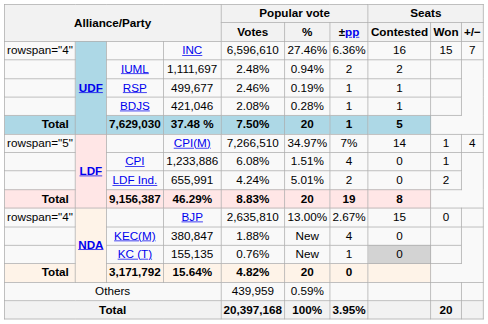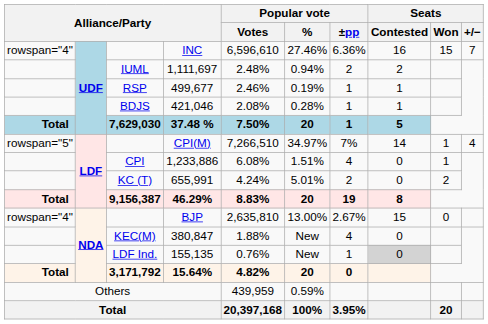 <table class="wikitable sortable" style="text-align:center;">
 <tr>
 <th colspan="4" rowspan="2">Alliance/Party</th>
 <th colspan="3">Popular vote</th>
 <th colspan="3">Seats</th>
 </tr>
 <tr>
 <th>Votes</th>
 <th>%</th>
 <th>±<a href='#'>pp</a></th>
 <th>Contested</th>
 <th>Won</th>
 <th><strong>+/−</strong></th>
 </tr>
 <tr>
 <td>rowspan="4" </td>
 <th rowspan="5"style="background:#ADD8E6"><a href='#'>UDF</a></th>
 <td></td>
 <td><a href='#'>INC</a></td>
 <td>6,596,610</td>
 <td>27.46%</td>
 <td> 6.36%</td>
 <td>16</td>
 <td>15</td>
 <td> 7</td>
 </tr>
 <tr>
 <td></td>
 <td><a href='#'>IUML</a></td>
 <td>1,111,697</td>
 <td>2.48%</td>
 <td> 0.94%</td>
 <td>2</td>
 <td>2</td>
 <td></td>
 </tr>
 <tr>
 <td></td>
 <td><a href='#'>RSP</a></td>
 <td>499,677</td>
 <td>2.46%</td>
 <td> 0.19%</td>
 <td>1</td>
 <td>1</td>
 <td></td>
 </tr>
 <tr>
 <td></td>
 <td><a href='#'>BDJS</a></td>
 <td>421,046</td>
 <td>2.08%</td>
 <td> 0.28%</td>
 <td>1</td>
 <td>1</td>
 <td></td>
 </tr>
 <tr>
 <th colspan="2"style="background:#ADD8E6">Total</th>
 <th style="background:#ADD8E6">7,629,030</th>
 <th style="background:#ADD8E6">37.48 %</th>
 <th style="background:#ADD8E6"> 7.50%</th>
 <th style="background:#ADD8E6">20</th>
 <th style="background:#ADD8E6">1</th>
 <th style="background:#ADD8E6"> 5</th>
 </tr>
 <tr>
 <td>rowspan="5" </td>
 <th rowspan="4"style="background:#FFE6E6"><a href='#'>LDF</a></th>
 <td></td>
 <td><a href='#'>CPI(M)</a></td>
 <td>7,266,510</td>
 <td>34.97%</td>
 <td> 7%</td>
 <td>14</td>
 <td>1</td>
 <td> 4</td>
 </tr>
 <tr>
 <td></td>
 <td><a href='#'>CPI</a></td>
 <td>1,233,886</td>
 <td>6.08%</td>
 <td> 1.51%</td>
 <td>4</td>
 <td>0</td>
 <td> 1</td>
 </tr>
 <tr>
 <td></td>
-<td><a href='#'>LDF Ind.</a></td>
+<td><a href='#'>KC (T)</a></td>
 <td>655,991</td>
 <td>4.24%</td>
 <td> 5.01%</td>
 <td>2</td>
 <td>0</td>
 <td> 2</td>
 </tr>
 <tr>
 <th colspan="2"style="background:#FFE6E6">Total</th>
 <th style="background:#FFE6E6">9,156,387</th>
 <th style="background:#FFE6E6">46.29%</th>
 <th style="background:#FFE6E6"> 8.83%</th>
 <th style="background:#FFE6E6">20</th>
 <th style="background:#FFE6E6">19</th>
 <th style="background:#FFE6E6"> 8</th>
 </tr>
 <tr>
 <td>rowspan="4" </td>
 <th rowspan="4"style="background:#fef3e8"><a href='#'>NDA</a></th>
 <td></td>
 <td><a href='#'>BJP</a></td>
 <td>2,635,810</td>
 <td>13.00%</td>
 <td> 2.67%</td>
 <td>15</td>
 <td>0</td>
 <td></td>
 </tr>
 <tr>
 <td></td>
 <td><a href='#'>KEC(M)</a></td>
 <td>380,847</td>
 <td>1.88%</td>
 <td>New</td>
 <td>4</td>
 <td>0</td>
 <td></td>
 </tr>
 <tr>
 <td></td>
-<td><a href='#'>KC (T)</a></td>
+<td><a href='#'>LDF Ind.</a></td>
 <td>155,135</td>
 <td>0.76%</td>
 <td>New</td>
 <td>1</td>
 <td style="background: lightgrey;">0</td>
 <td></td>
 </tr>
 <tr>
 <th colspan="2"style="background:#fef3e8">Total</th>
 <th style="background:#fef3e8">3,171,792</th>
 <th style="background:#fef3e8">15.64%</th>
 <th style="background:#fef3e8"> 4.82%</th>
 <th style="background:#fef3e8">20</th>
 <th style="background:#fef3e8">0</th>
 <th style="background:#fef3e8"></th>
 </tr>
 <tr>
 <td colspan=4>Others</td>
 <td>439,959</td>
 <td>0.59%</td>
 <td></td>
 <td></td>
 <td></td>
 <td></td>
 </tr>
 <tr>
 <th colspan=4>Total</th>
 <th>20,397,168</th>
 <th>100%</th>
 <th> 3.95%</th>
 <th></th>
 <th>20</th>
 <th></th>
 </tr>
 </table>
